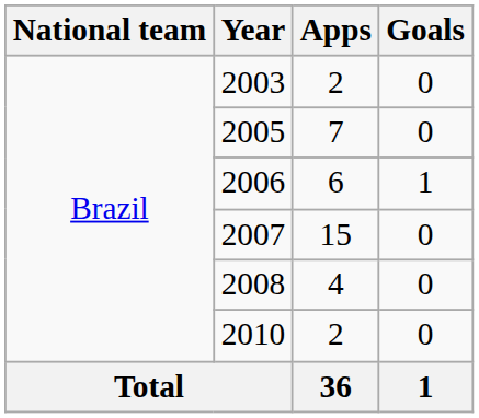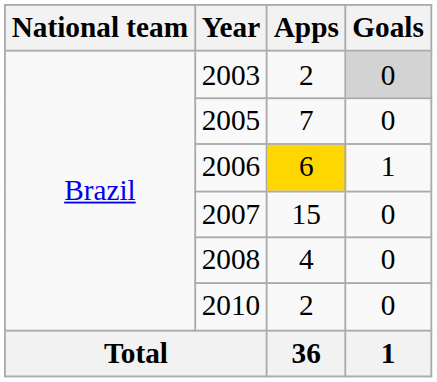 <table class="wikitable" style="text-align:center">
 <tr>
 <th>National team</th>
 <th>Year</th>
 <th>Apps</th>
 <th>Goals</th>
 </tr>
 <tr>
 <td rowspan="6"><a href='#'>Brazil</a></td>
 <td>2003</td>
 <td>2</td>
-<td>0</td>
+<td style="background: lightgrey;">0</td>
 </tr>
 <tr>
 <td>2005</td>
 <td>7</td>
 <td>0</td>
 </tr>
 <tr>
 <td>2006</td>
-<td>6</td>
+<td style="background: gold;">6</td>
 <td>1</td>
 </tr>
 <tr>
 <td>2007</td>
 <td>15</td>
 <td>0</td>
 </tr>
 <tr>
 <td>2008</td>
 <td>4</td>
 <td>0</td>
 </tr>
 <tr>
 <td>2010</td>
 <td>2</td>
 <td>0</td>
 </tr>
 <tr>
 <th colspan="2">Total</th>
 <th>36</th>
 <th>1</th>
 </tr>
 </table>
